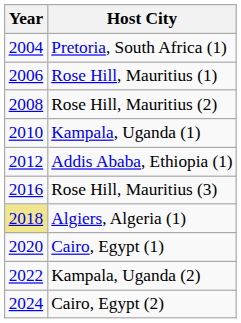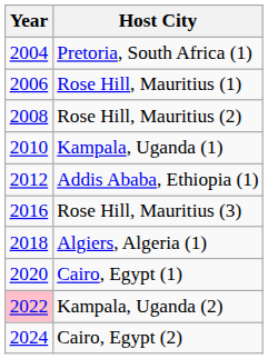 <table class="wikitable" style="font-size:90%">
 <tr>
 <th>Year</th>
 <th>Host City</th>
 </tr>
 <tr>
 <td><a href='#'>2004</a></td>
 <td><a href='#'>Pretoria</a>, South Africa (1)</td>
 </tr>
 <tr>
 <td><a href='#'>2006</a></td>
 <td><a href='#'>Rose Hill</a>, Mauritius (1)</td>
 </tr>
 <tr>
 <td><a href='#'>2008</a></td>
 <td>Rose Hill, Mauritius (2)</td>
 </tr>
 <tr>
 <td><a href='#'>2010</a></td>
 <td><a href='#'>Kampala</a>, Uganda (1)</td>
 </tr>
 <tr>
 <td><a href='#'>2012</a></td>
 <td><a href='#'>Addis Ababa</a>, Ethiopia (1)</td>
 </tr>
 <tr>
 <td><a href='#'>2016</a></td>
 <td>Rose Hill, Mauritius (3)</td>
 </tr>
 <tr>
-<td style="background: khaki;"><a href='#'>2018</a></td>
+<td><a href='#'>2018</a></td>
 <td><a href='#'>Algiers</a>, Algeria (1)</td>
 </tr>
 <tr>
 <td><a href='#'>2020</a></td>
 <td><a href='#'>Cairo</a>, Egypt (1)</td>
 </tr>
 <tr>
-<td><a href='#'>2022</a></td>
+<td style="background: pink;"><a href='#'>2022</a></td>
 <td>Kampala, Uganda (2)</td>
 </tr>
 <tr>
 <td><a href='#'>2024</a></td>
 <td>Cairo, Egypt (2)</td>
 </tr>
 </table>
